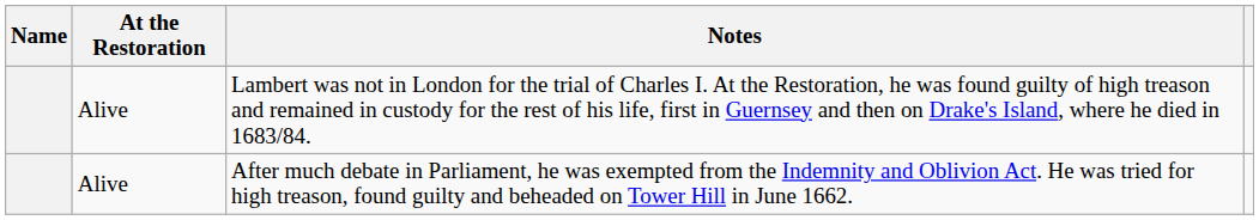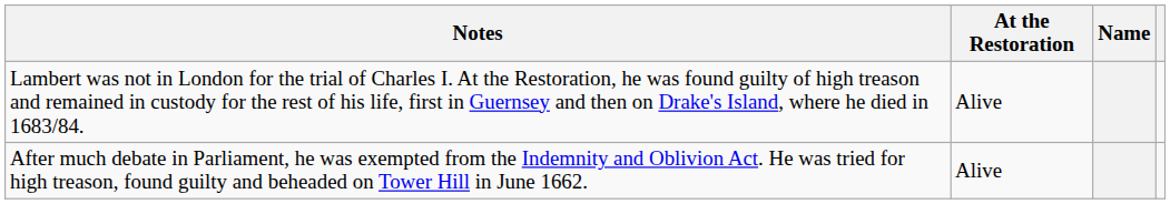 <table class="wikitable plainrowheaders sortable" style="margin-right: 0;">
 <tr>
+<th scope="col" class="unsortable">Notes</th>
+<th scope="col">At the Restoration</th>
 <th scope="col">Name</th>
-<th scope="col">At the Restoration</th>
-<th scope="col" class="unsortable">Notes</th>
 <th scope="col" class="unsortable"></th>
 </tr>
 <tr>
+<td>Lambert was not in London for the trial of Charles I. At the Restoration, he was found guilty of high treason and remained in custody for the rest of his life, first in <a href='#'>Guernsey</a> and then on <a href='#'>Drake's Island</a>, where he died in 1683/84.</td>
+<td>Alive</td>
 <th scope="row"></th>
-<td>Alive</td>
-<td>Lambert was not in London for the trial of Charles I. At the Restoration, he was found guilty of high treason and remained in custody for the rest of his life, first in <a href='#'>Guernsey</a> and then on <a href='#'>Drake's Island</a>, where he died in 1683/84.</td>
 <td style="text-align: center;"></td>
 </tr>
 <tr>
+<td>After much debate in Parliament, he was exempted from the <a href='#'>Indemnity and Oblivion Act</a>. He was tried for high treason, found guilty and beheaded on <a href='#'>Tower Hill</a> in June 1662.</td>
+<td>Alive</td>
 <th scope="row"></th>
-<td>Alive</td>
-<td>After much debate in Parliament, he was exempted from the <a href='#'>Indemnity and Oblivion Act</a>. He was tried for high treason, found guilty and beheaded on <a href='#'>Tower Hill</a> in June 1662.</td>
 <td style="text-align: center;"></td>
 </tr>
 </table>
